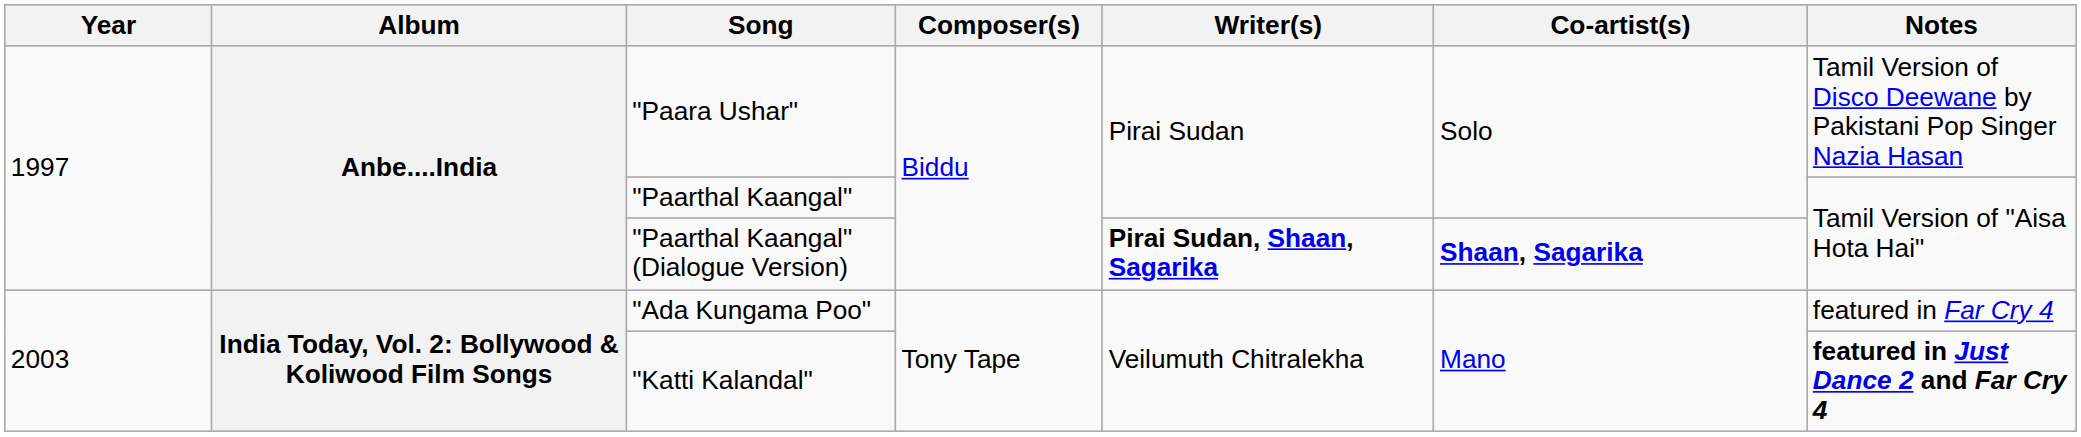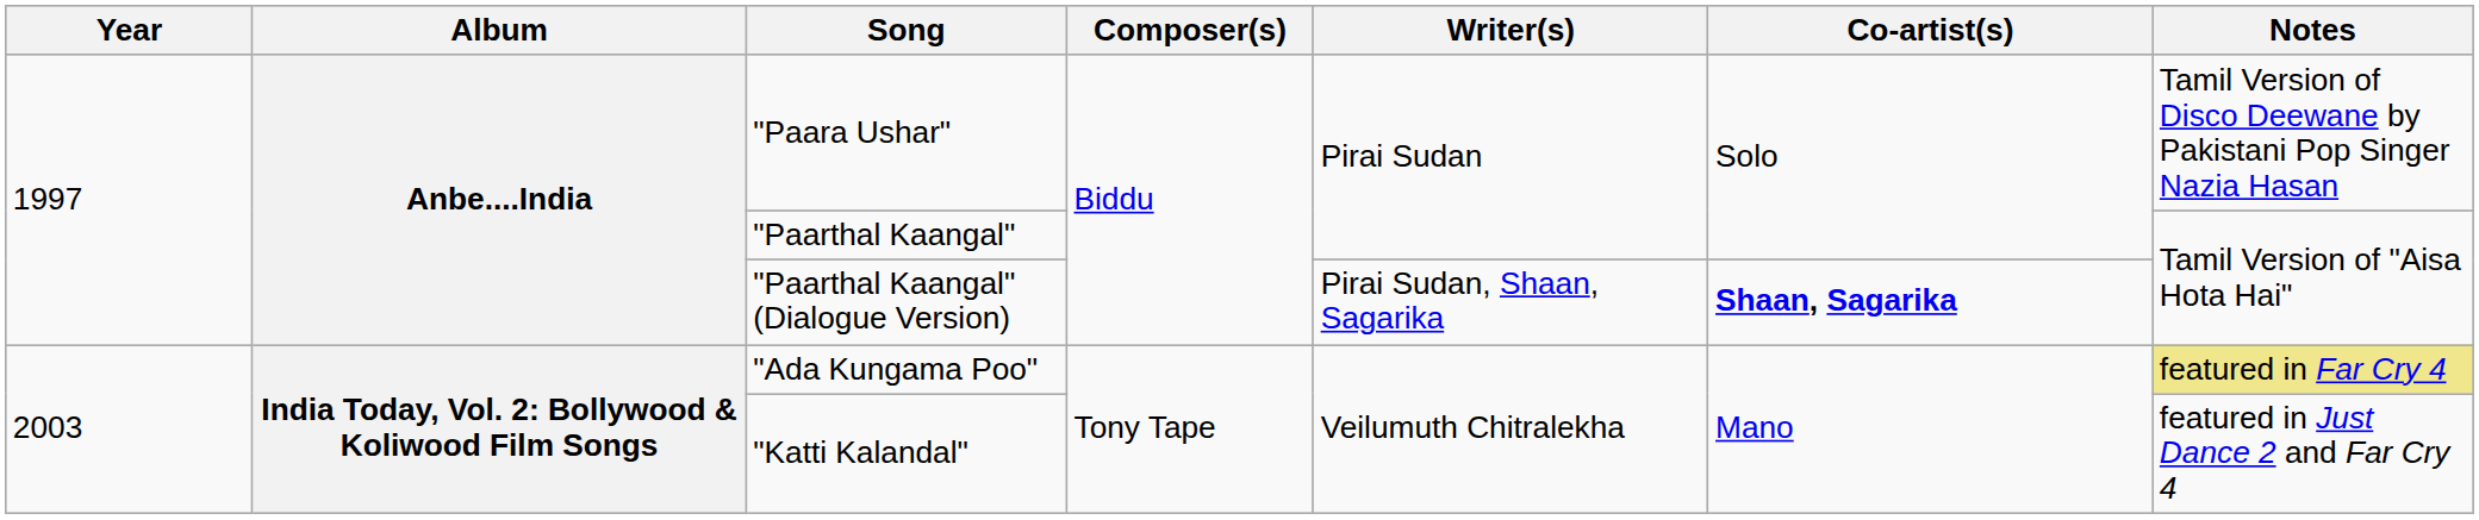 <table class="wikitable plainrowheaders" style="width:100%;" textcolor:#000;">
 <tr>
 <th scope="col" style="width:10%;"><strong>Year</strong></th>
 <th scope="col" style="width:20%;"><strong>Album</strong></th>
 <th scope="col" style="width:13%;"><strong>Song</strong></th>
 <th scope="col" style="width:10%;"><strong>Composer(s)</strong></th>
 <th scope="col" style="width:16%;"><strong>Writer(s)</strong></th>
 <th scope="col" style="width:18%;"><strong>Co-artist(s)</strong></th>
 <th scope="col" style="width:18%;"><strong>Notes</strong></th>
 </tr>
 <tr>
 <td rowspan="3">1997</td>
 <th rowspan="3">Anbe....India</th>
 <td>"Paara Ushar"</td>
 <td rowspan="3"><a href='#'>Biddu</a></td>
 <td rowspan="2">Pirai Sudan</td>
 <td rowspan="2">Solo</td>
 <td>Tamil Version of <a href='#'>Disco Deewane</a> by Pakistani Pop Singer <a href='#'>Nazia Hasan</a></td>
 </tr>
 <tr>
 <td>"Paarthal Kaangal"</td>
 <td rowspan="2">Tamil Version of "Aisa Hota Hai"</td>
 </tr>
 <tr>
 <td>"Paarthal Kaangal" (Dialogue Version)</td>
-<td><strong>Pirai Sudan, <a href='#'>Shaan</a>, <a href='#'>Sagarika</a></strong></td>
+<td>Pirai Sudan, <a href='#'>Shaan</a>, <a href='#'>Sagarika</a></td>
 <td><strong><a href='#'>Shaan</a>, <a href='#'>Sagarika</a></strong></td>
 </tr>
 <tr>
 <td rowspan="2">2003</td>
 <th rowspan="2">India Today, Vol. 2: Bollywood & Koliwood Film Songs</th>
 <td>"Ada Kungama Poo"</td>
 <td rowspan="2">Tony Tape</td>
 <td rowspan="2">Veilumuth Chitralekha</td>
 <td rowspan="2"><a href='#'>Mano</a></td>
-<td>featured in <em><a href='#'>Far Cry 4</a></em></td>
+<td style="background: khaki;">featured in <em><a href='#'>Far Cry 4</a></em></td>
 </tr>
 <tr>
 <td>"Katti Kalandal"</td>
-<td><strong>featured in <em><a href='#'>Just Dance 2</a></em> and <em>Far Cry 4</em></strong></td>
+<td>featured in <em><a href='#'>Just Dance 2</a></em> and <em>Far Cry 4</em></td>
 </tr>
 </table>
